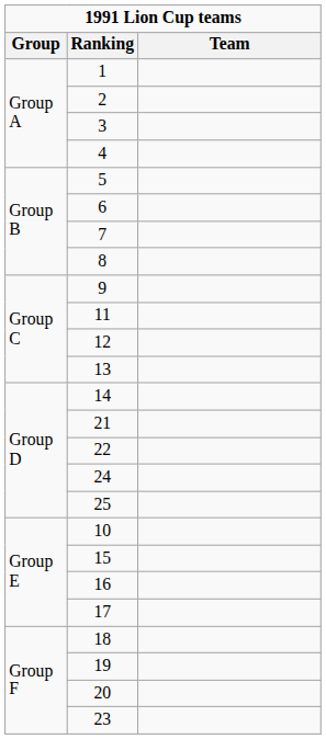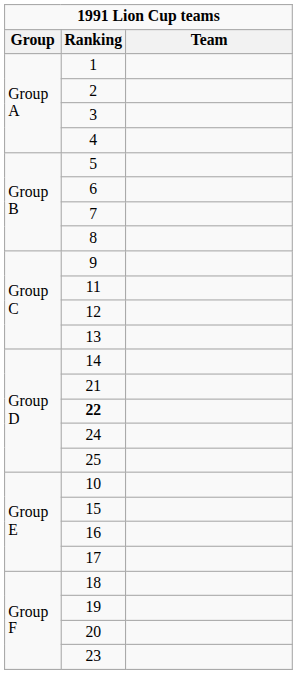 <table class="wikitable" style="text-align:left; line-height:110%; font-size:90%; width:30%;">
 <tr>
 <td colspan="5" cellpadding="0" cellspacing="0" style="text-align:center"><strong>1991 Lion Cup teams</strong></td>
 </tr>
 <tr>
 <th style="width:20%;">Group</th>
 <th style="width:10%;">Ranking</th>
 <th style="width:70%;">Team</th>
 </tr>
 <tr>
 <td rowspan=4>Group A</td>
 <td style="text-align:center">1</td>
 <td></td>
 </tr>
 <tr>
 <td style="text-align:center">2</td>
 <td></td>
 </tr>
 <tr>
 <td style="text-align:center">3</td>
 <td></td>
 </tr>
 <tr>
 <td style="text-align:center">4</td>
 <td></td>
 </tr>
 <tr>
 <td rowspan=4>Group B</td>
 <td style="text-align:center">5</td>
 <td></td>
 </tr>
 <tr>
 <td style="text-align:center">6</td>
 <td></td>
 </tr>
 <tr>
 <td style="text-align:center">7</td>
 <td></td>
 </tr>
 <tr>
 <td style="text-align:center">8</td>
 <td></td>
 </tr>
 <tr>
 <td rowspan=4>Group C</td>
 <td style="text-align:center">9</td>
 <td></td>
 </tr>
 <tr>
 <td style="text-align:center">11</td>
 <td></td>
 </tr>
 <tr>
 <td style="text-align:center">12</td>
 <td></td>
 </tr>
 <tr>
 <td style="text-align:center">13</td>
 <td></td>
 </tr>
 <tr>
 <td rowspan=5>Group D</td>
 <td style="text-align:center">14</td>
 <td></td>
 </tr>
 <tr>
 <td style="text-align:center">21</td>
 <td></td>
 </tr>
 <tr>
-<td style="text-align:center">22</td>
+<td style="text-align:center"><strong>22</strong></td>
 <td></td>
 </tr>
 <tr>
 <td style="text-align:center">24</td>
 <td></td>
 </tr>
 <tr>
 <td style="text-align:center">25</td>
 <td></td>
 </tr>
 <tr>
 <td rowspan=4>Group E</td>
 <td style="text-align:center">10</td>
 <td></td>
 </tr>
 <tr>
 <td style="text-align:center">15</td>
 <td></td>
 </tr>
 <tr>
 <td style="text-align:center">16</td>
 <td></td>
 </tr>
 <tr>
 <td style="text-align:center">17</td>
 <td></td>
 </tr>
 <tr>
 <td rowspan=5>Group F</td>
 <td style="text-align:center">18</td>
 <td></td>
 </tr>
 <tr>
 <td style="text-align:center">19</td>
 <td></td>
 </tr>
 <tr>
 <td style="text-align:center">20</td>
 <td></td>
 </tr>
 <tr>
 <td style="text-align:center">23</td>
 <td></td>
 </tr>
 </table>
